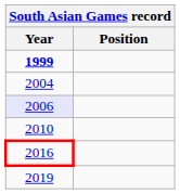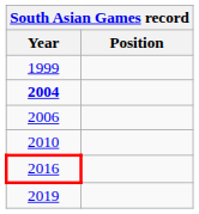 <table class="wikitable" style="text-align: center;">
 <tr>
 <th colspan=6><a href='#'>South Asian Games</a> record</th>
 </tr>
 <tr>
 <th>Year</th>
 <th>Position</th>
 </tr>
 <tr>
-<td><strong> <a href='#'>1999</a></strong></td>
+<td> <a href='#'>1999</a></td>
 <td></td>
 </tr>
 <tr>
-<td> <a href='#'>2004</a></td>
+<td><strong> <a href='#'>2004</a></strong></td>
 <td></td>
 </tr>
 <tr>
-<td style="background: lavender;"> <a href='#'>2006</a></td>
+<td> <a href='#'>2006</a></td>
 <td></td>
 </tr>
 <tr>
 <td> <a href='#'>2010</a></td>
 <td></td>
 </tr>
 <tr>
 <td style="border: 3px solid red"> <a href='#'>2016</a></td>
 <td></td>
 </tr>
 <tr>
 <td> <a href='#'>2019</a></td>
 <td></td>
 </tr>
 </table>
